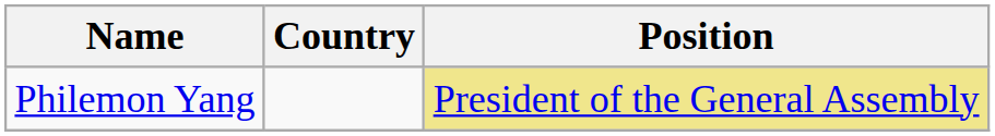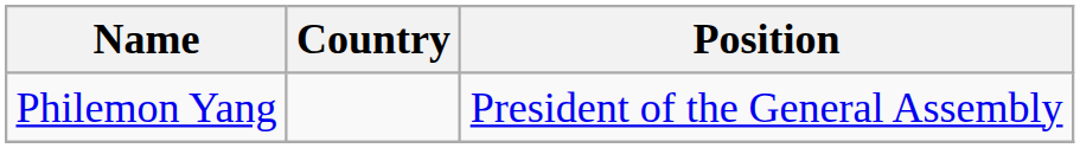 <table class="wikitable">
 <tr>
 <th>Name</th>
 <th>Country</th>
 <th>Position</th>
 </tr>
 <tr>
 <td><a href='#'>Philemon Yang</a></td>
 <td></td>
-<td style="background: khaki;"><a href='#'>President of the General Assembly</a></td>
+<td><a href='#'>President of the General Assembly</a></td>
 </tr>
 <tr>
 </tr>
 </table>
